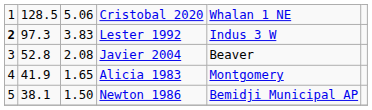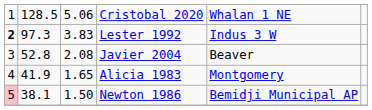 <table class="wikitable">
 <tr>
 <td>1</td>
 <td>128.5</td>
 <td>5.06</td>
 <td><a href='#'>Cristobal 2020</a></td>
 <td><a href='#'>Whalan 1 NE</a></td>
 <td></td>
 </tr>
 <tr>
 <td><strong>2</strong></td>
 <td>97.3</td>
 <td>3.83</td>
 <td><a href='#'>Lester 1992</a></td>
 <td><a href='#'>Indus 3 W</a></td>
 <td></td>
 </tr>
 <tr>
 <td>3</td>
 <td>52.8</td>
 <td>2.08</td>
 <td><a href='#'>Javier 2004</a></td>
 <td>Beaver</td>
 <td></td>
 </tr>
 <tr>
 <td>4</td>
 <td>41.9</td>
 <td>1.65</td>
 <td><a href='#'>Alicia 1983</a></td>
 <td><a href='#'>Montgomery</a></td>
 <td></td>
 </tr>
 <tr>
-<td>5</td>
+<td style="background: pink;">5</td>
 <td>38.1</td>
 <td>1.50</td>
 <td><a href='#'>Newton 1986</a></td>
 <td><a href='#'>Bemidji Municipal AP</a></td>
 <td></td>
 </tr>
 <tr>
 </tr>
 </table>
